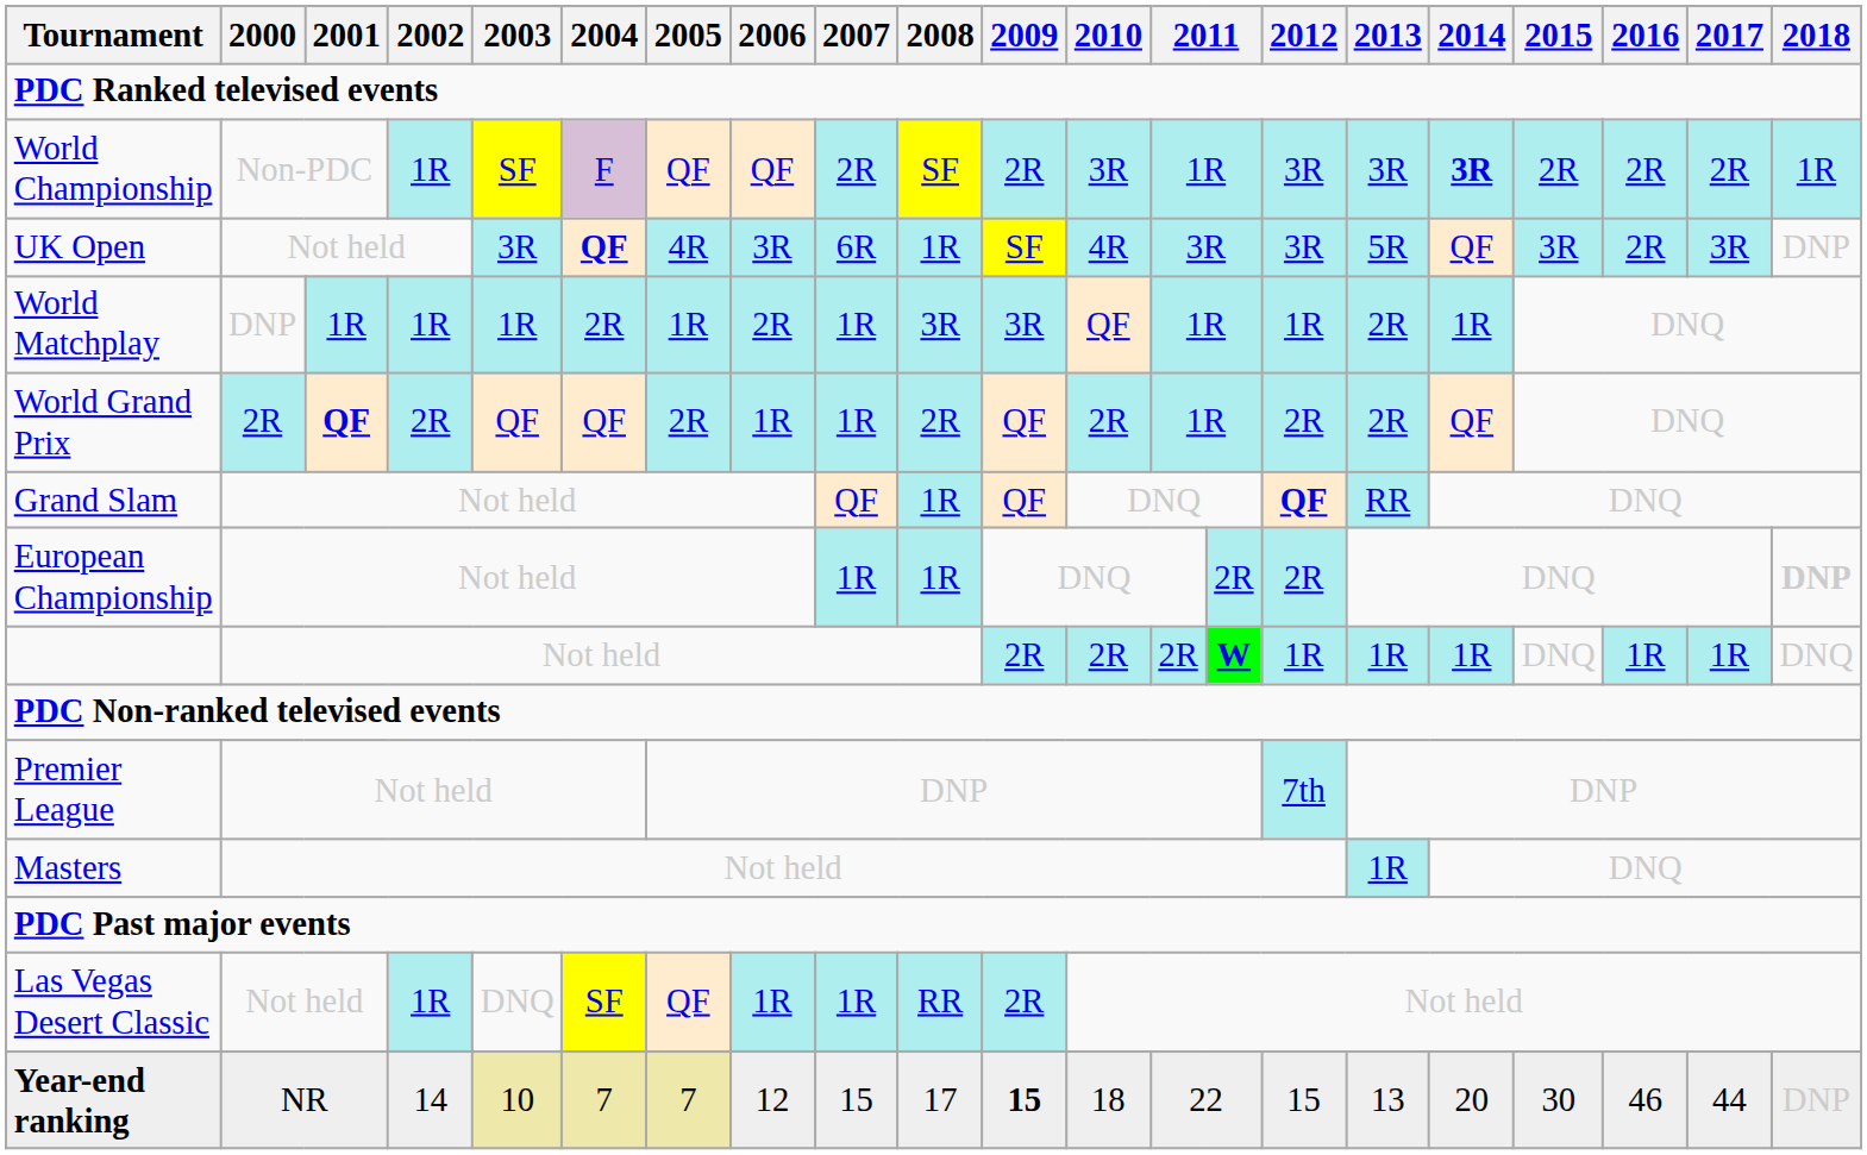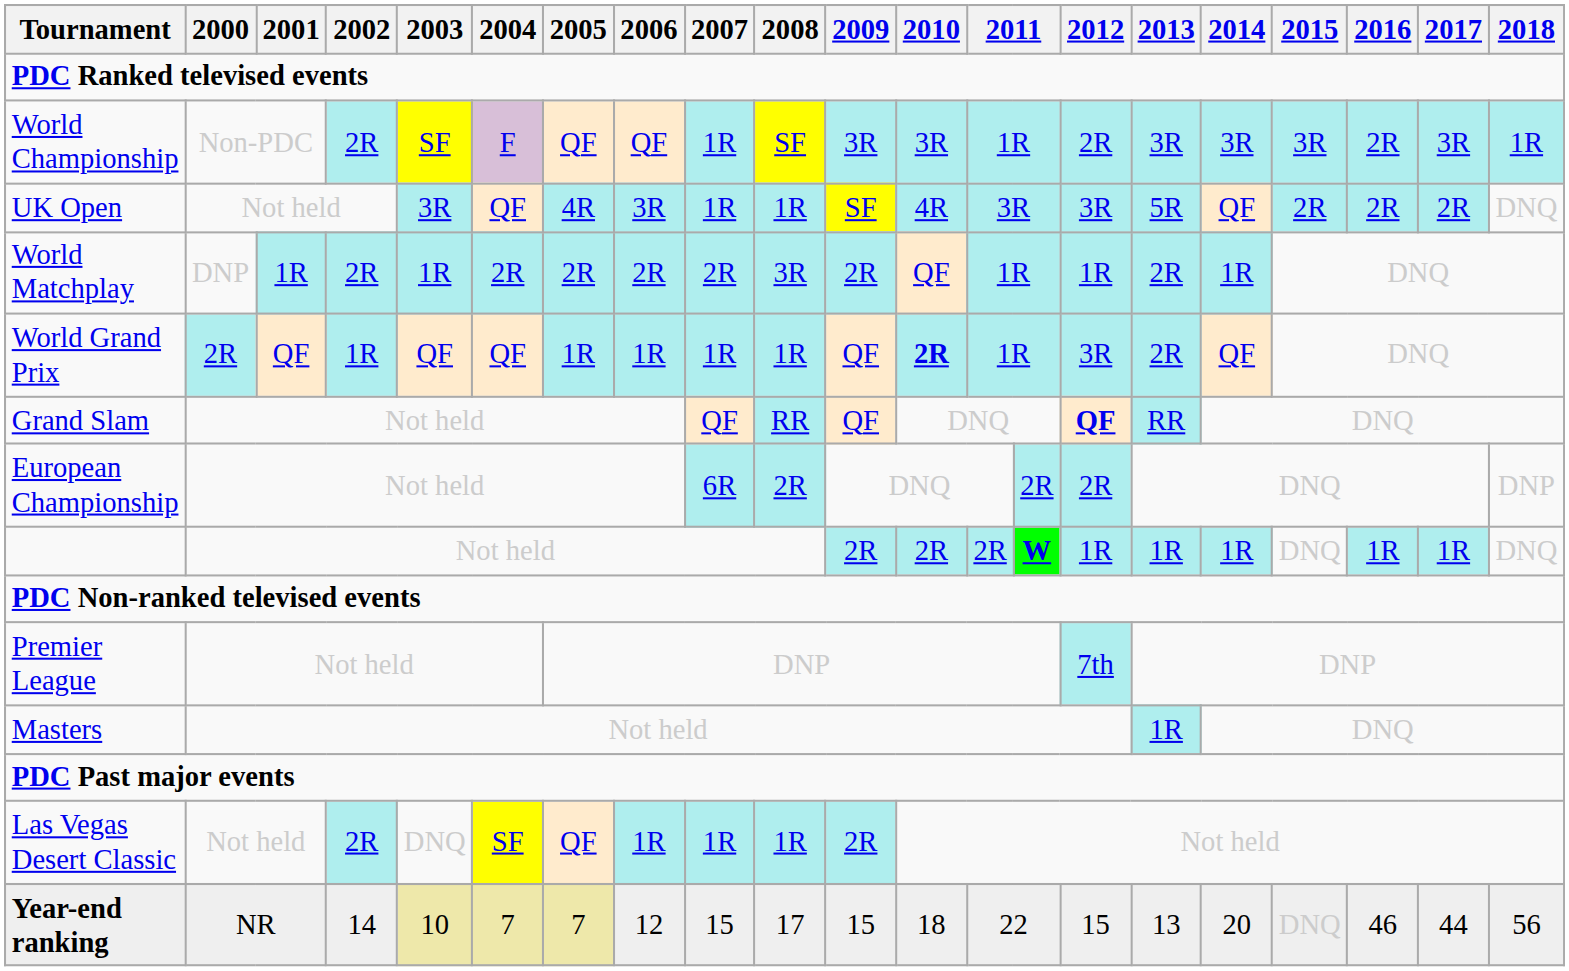 <table class=wikitable style=text-align:center;font-size:88%>
 <tr>
 <th>Tournament</th>
 <th>2000</th>
 <th>2001</th>
 <th>2002</th>
 <th>2003</th>
 <th>2004</th>
 <th>2005</th>
 <th>2006</th>
 <th>2007</th>
 <th>2008</th>
 <th><a href='#'>2009</a></th>
 <th><a href='#'>2010</a></th>
 <th colspan="2"><a href='#'>2011</a></th>
 <th><a href='#'>2012</a></th>
 <th><a href='#'>2013</a></th>
 <th><a href='#'>2014</a></th>
 <th><a href='#'>2015</a></th>
 <th><a href='#'>2016</a></th>
 <th><a href='#'>2017</a></th>
 <th><a href='#'>2018</a></th>
 </tr>
 <tr>
 <td colspan="33" align="left"><strong><a href='#'>PDC</a> Ranked televised events</strong></td>
 </tr>
 <tr>
 <td align=left><a href='#'>World Championship</a></td>
 <td colspan="2" style="text-align:center; color:#ccc;">Non-PDC</td>
-<td style="text-align:center; background:#afeeee;"><a href='#'>1R</a></td>
+<td style="text-align:center; background:#afeeee;"><a href='#'>2R</a></td>
 <td style="text-align:center; background:yellow;"><a href='#'>SF</a></td>
 <td style="text-align:center; background:thistle;"><a href='#'>F</a></td>
 <td style="text-align:center; background:#ffebcd;"><a href='#'>QF</a></td>
 <td style="text-align:center; background:#ffebcd;"><a href='#'>QF</a></td>
-<td style="text-align:center; background:#afeeee;"><a href='#'>2R</a></td>
+<td style="text-align:center; background:#afeeee;"><a href='#'>1R</a></td>
 <td style="text-align:center; background:yellow;"><a href='#'>SF</a></td>
+<td style="text-align:center; background:#afeeee;"><a href='#'>3R</a></td>
+<td style="text-align:center; background:#afeeee;"><a href='#'>3R</a></td>
+<td colspan="2" style="text-align:center; background:#afeeee;"><a href='#'>1R</a></td>
 <td style="text-align:center; background:#afeeee;"><a href='#'>2R</a></td>
 <td style="text-align:center; background:#afeeee;"><a href='#'>3R</a></td>
-<td colspan="2" style="text-align:center; background:#afeeee;"><a href='#'>1R</a></td>
 <td style="text-align:center; background:#afeeee;"><a href='#'>3R</a></td>
 <td style="text-align:center; background:#afeeee;"><a href='#'>3R</a></td>
-<td style="text-align:center; background:#afeeee;"><strong><a href='#'>3R</a></strong></td>
 <td style="text-align:center; background:#afeeee;"><a href='#'>2R</a></td>
-<td style="text-align:center; background:#afeeee;"><a href='#'>2R</a></td>
-<td style="text-align:center; background:#afeeee;"><a href='#'>2R</a></td>
+<td style="text-align:center; background:#afeeee;"><a href='#'>3R</a></td>
 <td style="text-align:center; background:#afeeee;"><a href='#'>1R</a></td>
 </tr>
 <tr>
 <td align=left><a href='#'>UK Open</a></td>
 <td colspan="3" style="text-align:center; color:#ccc;">Not held</td>
 <td style="text-align:center; background:#afeeee;"><a href='#'>3R</a></td>
-<td style="text-align:center; background:#ffebcd;"><strong><a href='#'>QF</a></strong></td>
+<td style="text-align:center; background:#ffebcd;"><a href='#'>QF</a></td>
 <td style="text-align:center; background:#afeeee;"><a href='#'>4R</a></td>
 <td style="text-align:center; background:#afeeee;"><a href='#'>3R</a></td>
-<td style="text-align:center; background:#afeeee;"><a href='#'>6R</a></td>
+<td style="text-align:center; background:#afeeee;"><a href='#'>1R</a></td>
 <td style="text-align:center; background:#afeeee;"><a href='#'>1R</a></td>
 <td style="text-align:center; background:yellow;"><a href='#'>SF</a></td>
 <td style="text-align:center; background:#afeeee;"><a href='#'>4R</a></td>
 <td colspan="2" style="text-align:center; background:#afeeee;"><a href='#'>3R</a></td>
 <td style="text-align:center; background:#afeeee;"><a href='#'>3R</a></td>
 <td style="text-align:center; background:#afeeee;"><a href='#'>5R</a></td>
 <td style="text-align:center; background:#ffebcd;"><a href='#'>QF</a></td>
-<td style="text-align:center; background:#afeeee;"><a href='#'>3R</a></td>
 <td style="text-align:center; background:#afeeee;"><a href='#'>2R</a></td>
-<td style="text-align:center; background:#afeeee;"><a href='#'>3R</a></td>
-<td colspan="1" style="text-align:center; color:#ccc;">DNP</td>
+<td style="text-align:center; background:#afeeee;"><a href='#'>2R</a></td>
+<td style="text-align:center; background:#afeeee;"><a href='#'>2R</a></td>
+<td style="text-align:center; color:#ccc;">DNQ</td>
 </tr>
 <tr>
 <td align=left><a href='#'>World Matchplay</a></td>
 <td style="text-align:center; color:#ccc;">DNP</td>
 <td style="text-align:center; background:#afeeee;"><a href='#'>1R</a></td>
-<td style="text-align:center; background:#afeeee;"><a href='#'>1R</a></td>
-<td style="text-align:center; background:#afeeee;"><a href='#'>1R</a></td>
 <td style="text-align:center; background:#afeeee;"><a href='#'>2R</a></td>
 <td style="text-align:center; background:#afeeee;"><a href='#'>1R</a></td>
 <td style="text-align:center; background:#afeeee;"><a href='#'>2R</a></td>
-<td style="text-align:center; background:#afeeee;"><a href='#'>1R</a></td>
+<td style="text-align:center; background:#afeeee;"><a href='#'>2R</a></td>
+<td style="text-align:center; background:#afeeee;"><a href='#'>2R</a></td>
+<td style="text-align:center; background:#afeeee;"><a href='#'>2R</a></td>
 <td style="text-align:center; background:#afeeee;"><a href='#'>3R</a></td>
-<td style="text-align:center; background:#afeeee;"><a href='#'>3R</a></td>
+<td style="text-align:center; background:#afeeee;"><a href='#'>2R</a></td>
 <td style="text-align:center; background:#ffebcd;"><a href='#'>QF</a></td>
 <td colspan="2" style="text-align:center; background:#afeeee;"><a href='#'>1R</a></td>
 <td style="text-align:center; background:#afeeee;"><a href='#'>1R</a></td>
 <td style="text-align:center; background:#afeeee;"><a href='#'>2R</a></td>
 <td style="text-align:center; background:#afeeee;"><a href='#'>1R</a></td>
 <td colspan="4" style="text-align:center; color:#ccc;">DNQ</td>
 </tr>
 <tr>
 <td align=left><a href='#'>World Grand Prix</a></td>
 <td style="text-align:center; background:#afeeee;"><a href='#'>2R</a></td>
-<td style="text-align:center; background:#ffebcd;"><strong><a href='#'>QF</a></strong></td>
-<td style="text-align:center; background:#afeeee;"><a href='#'>2R</a></td>
+<td style="text-align:center; background:#ffebcd;"><a href='#'>QF</a></td>
+<td style="text-align:center; background:#afeeee;"><a href='#'>1R</a></td>
 <td style="text-align:center; background:#ffebcd;"><a href='#'>QF</a></td>
 <td style="text-align:center; background:#ffebcd;"><a href='#'>QF</a></td>
-<td style="text-align:center; background:#afeeee;"><a href='#'>2R</a></td>
 <td style="text-align:center; background:#afeeee;"><a href='#'>1R</a></td>
 <td style="text-align:center; background:#afeeee;"><a href='#'>1R</a></td>
-<td style="text-align:center; background:#afeeee;"><a href='#'>2R</a></td>
+<td style="text-align:center; background:#afeeee;"><a href='#'>1R</a></td>
+<td style="text-align:center; background:#afeeee;"><a href='#'>1R</a></td>
 <td style="text-align:center; background:#ffebcd;"><a href='#'>QF</a></td>
-<td style="text-align:center; background:#afeeee;"><a href='#'>2R</a></td>
+<td style="text-align:center; background:#afeeee;"><strong><a href='#'>2R</a></strong></td>
 <td colspan="2" style="text-align:center; background:#afeeee;"><a href='#'>1R</a></td>
-<td style="text-align:center; background:#afeeee;"><a href='#'>2R</a></td>
+<td style="text-align:center; background:#afeeee;"><a href='#'>3R</a></td>
 <td style="text-align:center; background:#afeeee;"><a href='#'>2R</a></td>
 <td style="text-align:center; background:#ffebcd;"><a href='#'>QF</a></td>
 <td colspan="4" style="text-align:center; color:#ccc;">DNQ</td>
 </tr>
 <tr>
 <td align=left><a href='#'>Grand Slam</a></td>
 <td colspan="7" style="text-align:center; color:#ccc;">Not held</td>
 <td style="text-align:center; background:#ffebcd;"><a href='#'>QF</a></td>
-<td style="text-align:center; background:#afeeee;"><a href='#'>1R</a></td>
+<td style="text-align:center; background:#afeeee;"><a href='#'>RR</a></td>
 <td style="text-align:center; background:#ffebcd;"><a href='#'>QF</a></td>
 <td colspan="3" style="text-align:center; color:#ccc;">DNQ</td>
 <td style="text-align:center; background:#ffebcd;"><strong><a href='#'>QF</a></strong></td>
 <td style="text-align:center; background:#afeeee;"><a href='#'>RR</a></td>
 <td colspan="5" style="text-align:center; color:#ccc;">DNQ</td>
 </tr>
 <tr>
 <td align=left><a href='#'>European Championship</a></td>
 <td colspan="7" style="text-align:center; color:#ccc;">Not held</td>
-<td style="text-align:center; background:#afeeee;"><a href='#'>1R</a></td>
-<td style="text-align:center; background:#afeeee;"><a href='#'>1R</a></td>
+<td style="text-align:center; background:#afeeee;"><a href='#'>6R</a></td>
+<td style="text-align:center; background:#afeeee;"><a href='#'>2R</a></td>
 <td colspan="3" style="text-align:center; color:#ccc;">DNQ</td>
 <td style="text-align:center; background:#afeeee;"><a href='#'>2R</a></td>
 <td style="text-align:center; background:#afeeee;"><a href='#'>2R</a></td>
 <td colspan="5" style="text-align:center; color:#ccc;">DNQ</td>
-<td colspan="1" style="text-align:center; color:#ccc;"><strong>DNP</strong></td>
+<td colspan="1" style="text-align:center; color:#ccc;">DNP</td>
 </tr>
 <tr>
 <td align=left></td>
 <td colspan="9" style="text-align:center; color:#ccc;">Not held</td>
 <td style="text-align:center; background:#afeeee;"><a href='#'>2R</a></td>
 <td style="text-align:center; background:#afeeee;"><a href='#'>2R</a></td>
 <td style="text-align:center; background:#afeeee;"><a href='#'>2R</a></td>
 <td style="text-align:center; background:lime;"><strong><a href='#'>W</a></strong></td>
 <td style="text-align:center; background:#afeeee;"><a href='#'>1R</a></td>
 <td style="text-align:center; background:#afeeee;"><a href='#'>1R</a></td>
 <td style="text-align:center; background:#afeeee;"><a href='#'>1R</a></td>
 <td style="text-align:center; color:#ccc;">DNQ</td>
 <td style="text-align:center; background:#afeeee;"><a href='#'>1R</a></td>
 <td style="text-align:center; background:#afeeee;"><a href='#'>1R</a></td>
 <td style="text-align:center; color:#ccc;">DNQ</td>
 </tr>
 <tr>
 <td colspan="33" align="left"><strong><a href='#'>PDC</a> Non-ranked televised events</strong></td>
 </tr>
 <tr>
 <td align=left><a href='#'>Premier League</a></td>
 <td colspan="5" style="text-align:center; color:#ccc;">Not held</td>
 <td colspan="8" style="text-align:center; color:#ccc;">DNP</td>
 <td style="text-align:center; background:#afeeee;"><a href='#'>7th</a></td>
 <td colspan="6" style="text-align:center; color:#ccc;">DNP</td>
 </tr>
 <tr>
 <td align=left><a href='#'>Masters</a></td>
 <td colspan="14" style="text-align:center; color:#ccc;">Not held</td>
 <td style="text-align:center; background:#afeeee;"><a href='#'>1R</a></td>
 <td colspan="5" style="text-align:center; color:#ccc;">DNQ</td>
 </tr>
 <tr>
 <td colspan="33" align="left"><strong><a href='#'>PDC</a> Past major events</strong></td>
 </tr>
 <tr>
 <td align=left><a href='#'>Las Vegas Desert Classic</a></td>
 <td colspan="2" style="text-align:center; color:#ccc;">Not held</td>
-<td style="text-align:center; background:#afeeee;"><a href='#'>1R</a></td>
+<td style="text-align:center; background:#afeeee;"><a href='#'>2R</a></td>
 <td style="text-align:center; color:#ccc;">DNQ</td>
 <td style="text-align:center; background:yellow;"><a href='#'>SF</a></td>
 <td style="text-align:center; background:#ffebcd;"><a href='#'>QF</a></td>
 <td style="text-align:center; background:#afeeee;"><a href='#'>1R</a></td>
 <td style="text-align:center; background:#afeeee;"><a href='#'>1R</a></td>
-<td style="text-align:center; background:#afeeee;"><a href='#'>RR</a></td>
+<td style="text-align:center; background:#afeeee;"><a href='#'>1R</a></td>
 <td style="text-align:center; background:#afeeee;"><a href='#'>2R</a></td>
 <td colspan="10" style="text-align:center; color:#ccc;">Not held</td>
 </tr>
 <tr>
 </tr>
 <tr bgcolor="efefef">
 <td align="left"><strong>Year-end ranking</strong></td>
 <td colspan="2" style="text-align:center;">NR</td>
 <td style="text-align:center;">14</td>
 <td style="text-align:center; background:#eee8aa;">10</td>
 <td style="text-align:center; background:#eee8aa;">7</td>
 <td style="text-align:center; background:#eee8aa;">7</td>
 <td style="text-align:center;">12</td>
 <td style="text-align:center;">15</td>
 <td style="text-align:center;">17</td>
-<td style="text-align:center;"><strong>15</strong></td>
+<td style="text-align:center;">15</td>
 <td style="text-align:center;">18</td>
 <td colspan="2" style="text-align:center;">22</td>
 <td style="text-align:center;">15</td>
 <td style="text-align:center;">13</td>
 <td style="text-align:center;">20</td>
-<td style="text-align:center;">30</td>
+<td style="text-align:center; color:#ccc;">DNQ</td>
 <td style="text-align:center;">46</td>
 <td style="text-align:center;">44</td>
-<td colspan="1" style="text-align:center; color:#ccc;">DNP</td>
+<td style="text-align:center;">56</td>
 </tr>
 </table>
